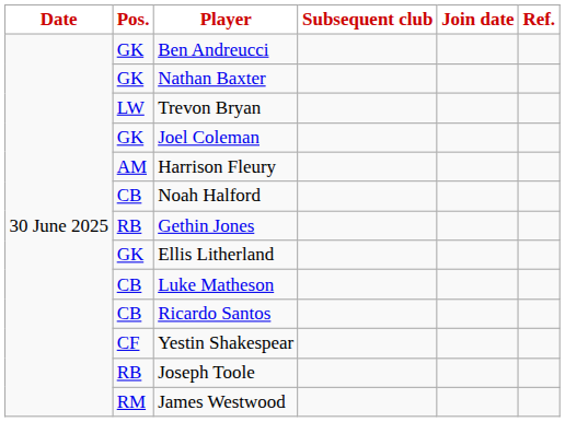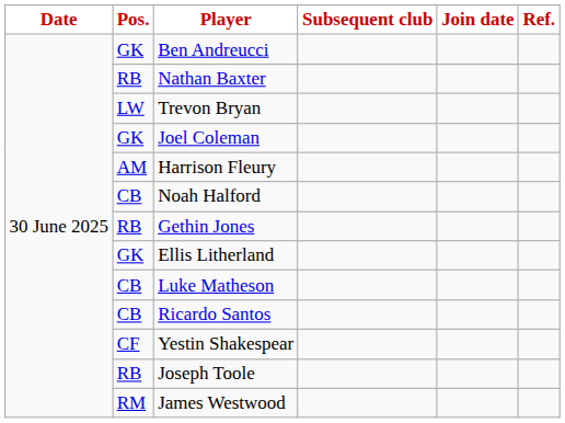 <table class="wikitable plainrowheaders sortable">
 <tr>
 <th style="background:#ffffff;color:#cc0000;">Date</th>
 <th style="background:#ffffff;color:#cc0000;">Pos.</th>
 <th style="background:#ffffff;color:#cc0000;">Player</th>
 <th style="background:#ffffff;color:#cc0000;">Subsequent club</th>
 <th style="background:#ffffff;color:#cc0000;">Join date</th>
 <th style="background:#ffffff;color:#cc0000;">Ref.</th>
 </tr>
 <tr>
 <td rowspan="13">30 June 2025</td>
 <td><a href='#'>GK</a></td>
 <td> <a href='#'>Ben Andreucci</a></td>
 <td></td>
 <td></td>
 <td></td>
 </tr>
 <tr>
-<td><a href='#'>GK</a></td>
+<td><a href='#'>RB</a></td>
 <td> <a href='#'>Nathan Baxter</a></td>
 <td></td>
 <td></td>
 <td></td>
 </tr>
 <tr>
 <td><a href='#'>LW</a></td>
 <td> Trevon Bryan</td>
 <td></td>
 <td></td>
 <td></td>
 </tr>
 <tr>
 <td><a href='#'>GK</a></td>
 <td> <a href='#'>Joel Coleman</a></td>
 <td></td>
 <td></td>
 <td></td>
 </tr>
 <tr>
 <td><a href='#'>AM</a></td>
 <td> Harrison Fleury</td>
 <td></td>
 <td></td>
 <td></td>
 </tr>
 <tr>
 <td><a href='#'>CB</a></td>
 <td> Noah Halford</td>
 <td></td>
 <td></td>
 <td></td>
 </tr>
 <tr>
 <td><a href='#'>RB</a></td>
 <td> <a href='#'>Gethin Jones</a></td>
 <td></td>
 <td></td>
 <td></td>
 </tr>
 <tr>
 <td><a href='#'>GK</a></td>
 <td> Ellis Litherland</td>
 <td></td>
 <td></td>
 <td></td>
 </tr>
 <tr>
 <td><a href='#'>CB</a></td>
 <td> <a href='#'>Luke Matheson</a></td>
 <td></td>
 <td></td>
 <td></td>
 </tr>
 <tr>
 <td><a href='#'>CB</a></td>
 <td> <a href='#'>Ricardo Santos</a></td>
 <td></td>
 <td></td>
 <td></td>
 </tr>
 <tr>
 <td><a href='#'>CF</a></td>
 <td> Yestin Shakespear</td>
 <td></td>
 <td></td>
 <td></td>
 </tr>
 <tr>
 <td><a href='#'>RB</a></td>
 <td> Joseph Toole</td>
 <td></td>
 <td></td>
 <td></td>
 </tr>
 <tr>
 <td><a href='#'>RM</a></td>
 <td> James Westwood</td>
 <td></td>
 <td></td>
 <td></td>
 </tr>
 </table>
